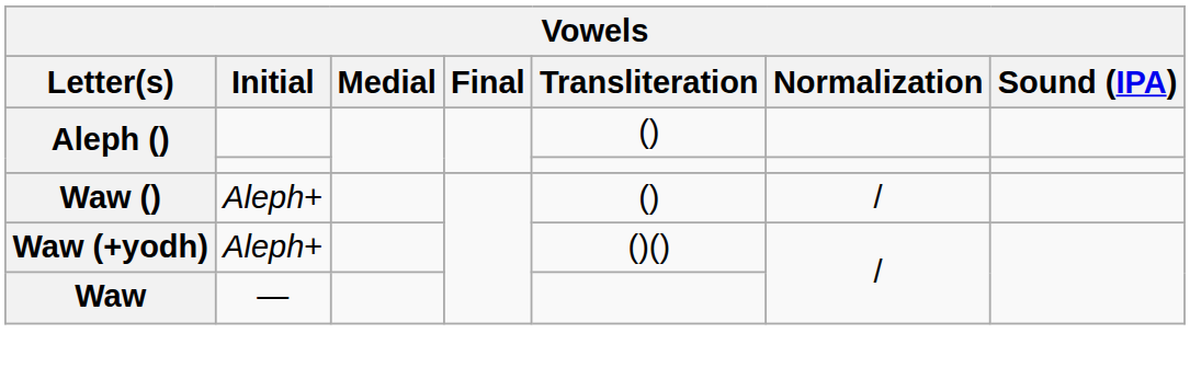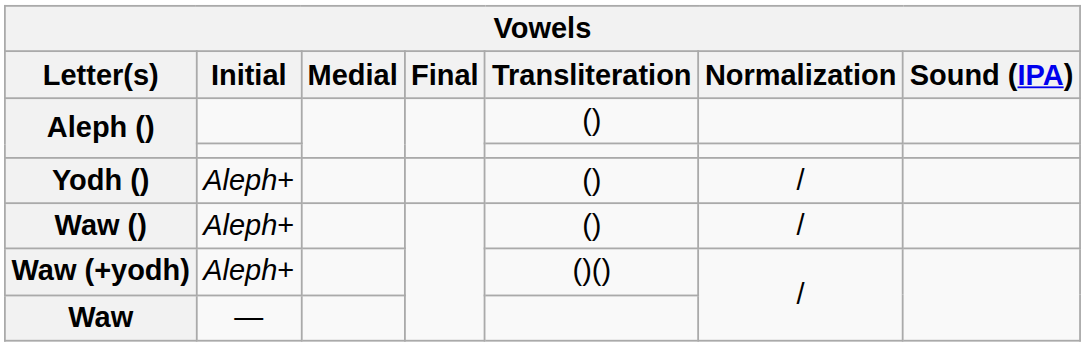 <table class="wikitable" style="text-align: center; display: inline-table">
 <tr>
 <th colspan="7">Vowels</th>
 </tr>
 <tr>
 <th>Letter(s)</th>
 <th>Initial</th>
 <th>Medial</th>
 <th>Final</th>
 <th>Transliteration</th>
 <th>Normalization</th>
 <th>Sound (<a href='#'>IPA</a>)</th>
 </tr>
 <tr>
 <th rowspan="2">Aleph ()</th>
 <td></td>
 <td rowspan="2"></td>
 <td rowspan="2"></td>
 <td>()</td>
 <td><em></em></td>
 <td></td>
 </tr>
 <tr>
 <td></td>
 <td></td>
 <td><em></em></td>
 <td></td>
 </tr>
 <tr>
+<th>Yodh (<em></em>)</th>
+<td><em>Aleph</em>+</td>
+<td></td>
+<td></td>
+<td>(<em></em>)<em></em></td>
+<td><em></em> / <em></em></td>
+<td></td>
+</tr>
+<tr>
 <th>Waw (<em></em>)</th>
 <td><em>Aleph</em>+</td>
 <td></td>
 <td rowspan="3"></td>
 <td>(<em></em>)<em></em></td>
 <td><em></em> / <em></em></td>
 <td></td>
 </tr>
 <tr>
 <th>Waw (+yodh)</th>
 <td><em>Aleph</em>+</td>
 <td></td>
 <td>(<em></em>)<em></em>(<em></em>)</td>
 <td rowspan="2"><em></em> / <em></em></td>
 <td rowspan="2"></td>
 </tr>
 <tr>
 <th>Waw</th>
 <td>—</td>
 <td></td>
 <td><em></em></td>
 </tr>
 </table>
